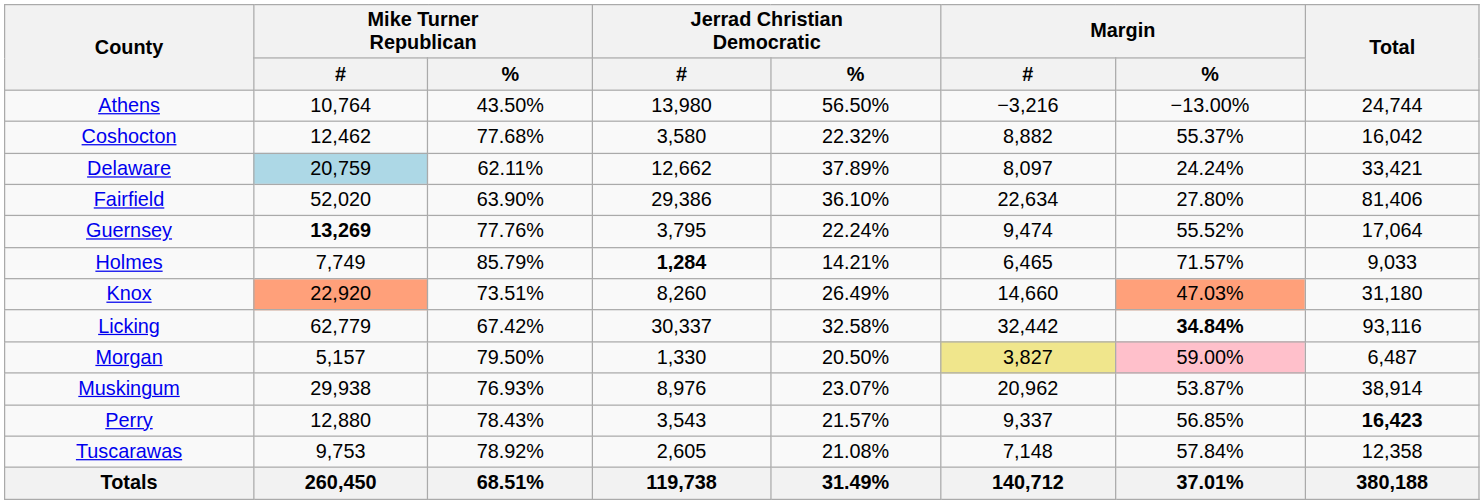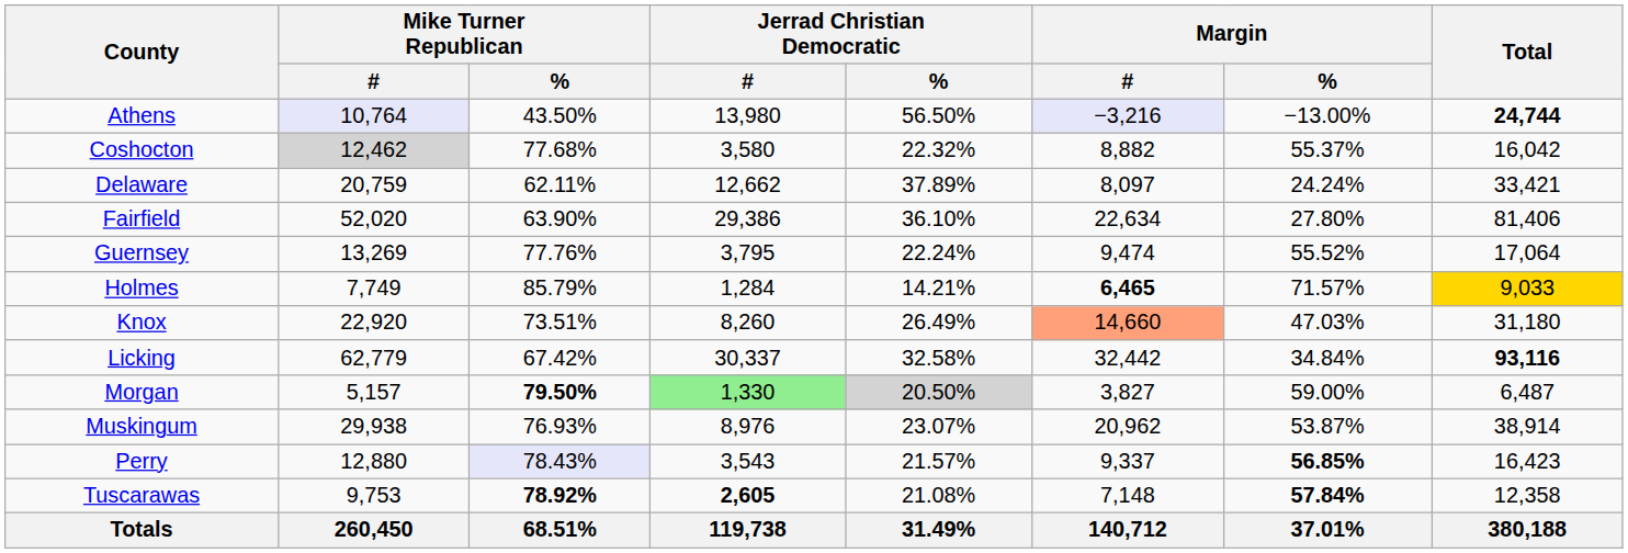 <table width="60%" class="wikitable sortable">
 <tr>
 <th rowspan="2">County</th>
 <th colspan="2">Mike Turner<br>Republican</th>
 <th colspan="2">Jerrad Christian<br>Democratic</th>
 <th colspan="2">Margin</th>
 <th rowspan="2">Total</th>
 </tr>
 <tr>
 <th style="text-align:center;" data-sort-type="number">#</th>
 <th style="text-align:center;" data-sort-type="number">%</th>
 <th style="text-align:center;" data-sort-type="number">#</th>
 <th style="text-align:center;" data-sort-type="number">%</th>
 <th style="text-align:center;" data-sort-type="number">#</th>
 <th style="text-align:center;" data-sort-type="number">%</th>
 </tr>
 <tr style="text-align:center;">
 <td><a href='#'>Athens</a></td>
-<td>10,764</td>
+<td style="background: lavender;">10,764</td>
 <td>43.50%</td>
 <td>13,980</td>
 <td>56.50%</td>
-<td>−3,216</td>
+<td style="background: lavender;">−3,216</td>
 <td>−13.00%</td>
-<td>24,744</td>
+<td><strong>24,744</strong></td>
 </tr>
 <tr style="text-align:center;">
 <td><a href='#'>Coshocton</a></td>
-<td>12,462</td>
+<td style="background: lightgrey;">12,462</td>
 <td>77.68%</td>
 <td>3,580</td>
 <td>22.32%</td>
 <td>8,882</td>
 <td>55.37%</td>
 <td>16,042</td>
 </tr>
 <tr style="text-align:center;">
 <td><a href='#'>Delaware</a></td>
-<td style="background: lightblue;">20,759</td>
+<td>20,759</td>
 <td>62.11%</td>
 <td>12,662</td>
 <td>37.89%</td>
 <td>8,097</td>
 <td>24.24%</td>
 <td>33,421</td>
 </tr>
 <tr style="text-align:center;">
 <td><a href='#'>Fairfield</a></td>
 <td>52,020</td>
 <td>63.90%</td>
 <td>29,386</td>
 <td>36.10%</td>
 <td>22,634</td>
 <td>27.80%</td>
 <td>81,406</td>
 </tr>
 <tr style="text-align:center;">
 <td><a href='#'>Guernsey</a></td>
-<td><strong>13,269</strong></td>
+<td>13,269</td>
 <td>77.76%</td>
 <td>3,795</td>
 <td>22.24%</td>
 <td>9,474</td>
 <td>55.52%</td>
 <td>17,064</td>
 </tr>
 <tr style="text-align:center;">
 <td><a href='#'>Holmes</a></td>
 <td>7,749</td>
 <td>85.79%</td>
-<td><strong>1,284</strong></td>
+<td>1,284</td>
 <td>14.21%</td>
-<td>6,465</td>
+<td><strong>6,465</strong></td>
 <td>71.57%</td>
-<td>9,033</td>
+<td style="background: gold;">9,033</td>
 </tr>
 <tr style="text-align:center;">
 <td><a href='#'>Knox</a></td>
-<td style="background: lightsalmon;">22,920</td>
+<td>22,920</td>
 <td>73.51%</td>
 <td>8,260</td>
 <td>26.49%</td>
-<td>14,660</td>
-<td style="background: lightsalmon;">47.03%</td>
+<td style="background: lightsalmon;">14,660</td>
+<td>47.03%</td>
 <td>31,180</td>
 </tr>
 <tr style="text-align:center;">
 <td><a href='#'>Licking</a></td>
 <td>62,779</td>
 <td>67.42%</td>
 <td>30,337</td>
 <td>32.58%</td>
 <td>32,442</td>
-<td><strong>34.84%</strong></td>
-<td>93,116</td>
+<td>34.84%</td>
+<td><strong>93,116</strong></td>
 </tr>
 <tr style="text-align:center;">
 <td><a href='#'>Morgan</a></td>
 <td>5,157</td>
-<td>79.50%</td>
-<td>1,330</td>
-<td>20.50%</td>
-<td style="background: khaki;">3,827</td>
-<td style="background: pink;">59.00%</td>
+<td><strong>79.50%</strong></td>
+<td style="background: lightgreen;">1,330</td>
+<td style="background: lightgrey;">20.50%</td>
+<td>3,827</td>
+<td>59.00%</td>
 <td>6,487</td>
 </tr>
 <tr style="text-align:center;">
 <td><a href='#'>Muskingum</a></td>
 <td>29,938</td>
 <td>76.93%</td>
 <td>8,976</td>
 <td>23.07%</td>
 <td>20,962</td>
 <td>53.87%</td>
 <td>38,914</td>
 </tr>
 <tr style="text-align:center;">
 <td><a href='#'>Perry</a></td>
 <td>12,880</td>
-<td>78.43%</td>
+<td style="background: lavender;">78.43%</td>
 <td>3,543</td>
 <td>21.57%</td>
 <td>9,337</td>
-<td>56.85%</td>
-<td><strong>16,423</strong></td>
+<td><strong>56.85%</strong></td>
+<td>16,423</td>
 </tr>
 <tr style="text-align:center;">
 <td><a href='#'>Tuscarawas</a></td>
 <td>9,753</td>
-<td>78.92%</td>
-<td>2,605</td>
+<td><strong>78.92%</strong></td>
+<td><strong>2,605</strong></td>
 <td>21.08%</td>
 <td>7,148</td>
-<td>57.84%</td>
+<td><strong>57.84%</strong></td>
 <td>12,358</td>
 </tr>
 <tr style="text-align:center;">
 <th>Totals</th>
 <th>260,450</th>
 <th>68.51%</th>
 <th>119,738</th>
 <th>31.49%</th>
 <th>140,712</th>
 <th>37.01%</th>
 <th>380,188</th>
 </tr>
 </table>
